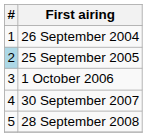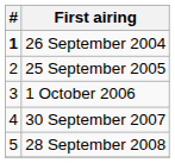 <table class="wikitable sortable">
 <tr>
 <th>#</th>
 <th>First airing</th>
 </tr>
 <tr>
-<td>1</td>
+<td><strong>1</strong></td>
 <td>26 September 2004</td>
 </tr>
 <tr>
-<td style="background: lightblue;">2</td>
+<td>2</td>
 <td>25 September 2005</td>
 </tr>
 <tr>
 <td>3</td>
 <td>1 October 2006</td>
 </tr>
 <tr>
 <td>4</td>
 <td>30 September 2007</td>
 </tr>
 <tr>
 <td>5</td>
 <td>28 September 2008</td>
 </tr>
 <tr>
 </tr>
 </table>
